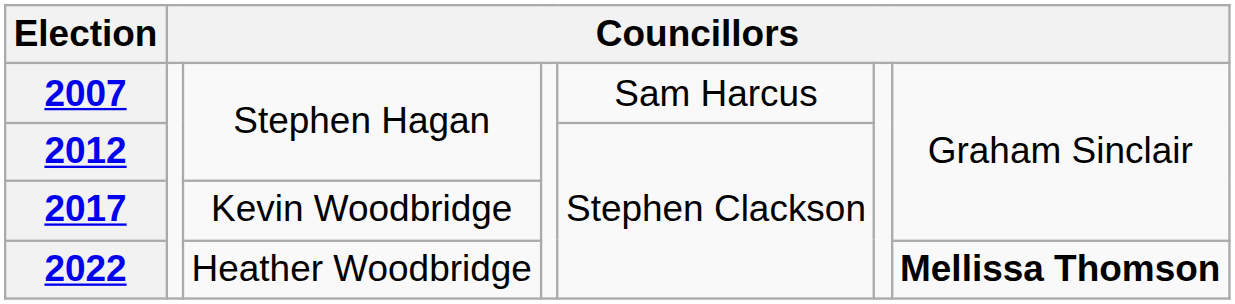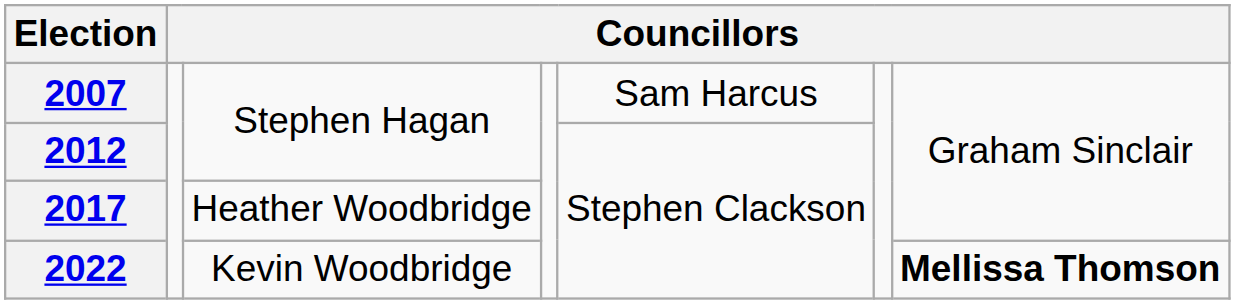 <table class="wikitable" style="text-align:center">
 <tr>
 <th>Election</th>
 <th colspan=8>Councillors</th>
 </tr>
 <tr>
 <th><a href='#'>2007</a></th>
 <td rowspan=4; style="background-color: "></td>
 <td rowspan=2>Stephen Hagan</td>
 <td rowspan=4; style="background-color: "></td>
 <td rowspan=1>Sam Harcus</td>
 <td rowspan=4; style="background-color: "></td>
 <td rowspan=3>Graham Sinclair</td>
 </tr>
 <tr>
 <th><a href='#'>2012</a></th>
 <td rowspan=3>Stephen Clackson</td>
 </tr>
 <tr>
 <th><a href='#'>2017</a></th>
-<td rowspan=1>Kevin Woodbridge</td>
+<td>Heather Woodbridge</td>
 </tr>
 <tr>
 <th><a href='#'>2022</a></th>
-<td>Heather Woodbridge</td>
+<td rowspan=1>Kevin Woodbridge</td>
 <td><strong>Mellissa Thomson</strong></td>
 </tr>
 </table>
